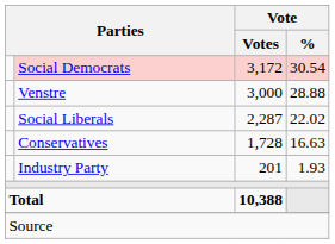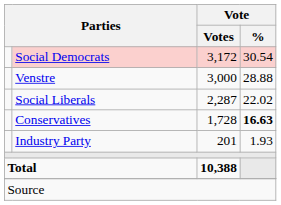 <table class="wikitable" style="text-align:right;">
 <tr>
 <th style="text-align:centre;" rowspan="2" colspan="2" width="225">Parties</th>
 <th colspan="3">Vote</th>
 </tr>
 <tr>
 <th width="15">Votes</th>
 <th width="15">%</th>
 </tr>
 <tr>
 <td width="2" style="color:inherit;background:"></td>
 <td bgcolor=#fbd0ce  align="left"><a href='#'>Social Democrats</a></td>
 <td bgcolor=#fbd0ce>3,172</td>
 <td bgcolor=#fbd0ce>30.54</td>
 </tr>
 <tr>
 <td width="2" style="color:inherit;background:"></td>
 <td align="left"><a href='#'>Venstre</a></td>
 <td>3,000</td>
 <td>28.88</td>
 </tr>
 <tr>
 <td width="2" style="color:inherit;background:"></td>
 <td align="left"><a href='#'>Social Liberals</a></td>
 <td>2,287</td>
 <td>22.02</td>
 </tr>
 <tr>
 <td width="2" style="color:inherit;background:"></td>
 <td align="left"><a href='#'>Conservatives</a></td>
 <td>1,728</td>
-<td>16.63</td>
+<td><strong>16.63</strong></td>
 </tr>
 <tr>
 <td width="2" style="color:inherit;background:"></td>
 <td align="left"><a href='#'>Industry Party</a></td>
 <td>201</td>
 <td>1.93</td>
 </tr>
 <tr>
 <td colspan="7" bgcolor="#E9E9E9"></td>
 </tr>
 <tr>
 <td align="left" colspan="2"><strong>Total</strong></td>
 <td><strong>10,388</strong></td>
 <td bgcolor="#E9E9E9" colspan="2"></td>
 </tr>
 <tr>
 </tr>
 <tr>
 <td align="left" colspan="6">Source</td>
 </tr>
 </table>
